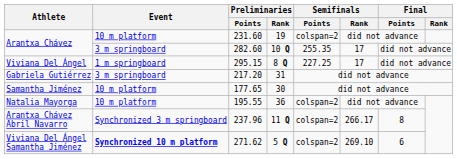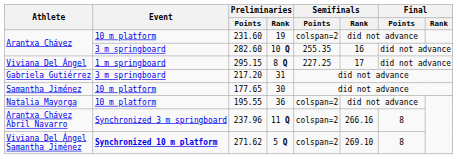 <table class="wikitable" style="text-align:center; font-size:90%">
 <tr>
 <th rowspan="2">Athlete</th>
 <th rowspan="2">Event</th>
 <th colspan="2">Preliminaries</th>
 <th colspan="2">Semifinals</th>
 <th colspan="2">Final</th>
 </tr>
 <tr style="font-size:95%">
 <th>Points</th>
 <th>Rank</th>
 <th>Points</th>
 <th>Rank</th>
 <th>Points</th>
 <th>Rank</th>
 </tr>
 <tr>
 <td align=left rowspan=2><a href='#'>Arantxa Chávez</a></td>
 <td align=left><a href='#'>10 m platform</a></td>
 <td>231.60</td>
 <td>19</td>
 <td>colspan=2 </td>
 <td colspan=2>did not advance</td>
 </tr>
 <tr>
 <td align=left><a href='#'>3 m springboard</a></td>
 <td>282.60</td>
 <td>10 <strong>Q</strong></td>
 <td>255.35</td>
-<td>17</td>
+<td>16</td>
 <td colspan=2>did not advance</td>
 </tr>
 <tr>
 <td align=left><a href='#'>Viviana Del Ángel</a></td>
 <td align=left><a href='#'>1 m springboard</a></td>
 <td>295.15</td>
 <td>8 <strong>Q</strong></td>
 <td>227.25</td>
 <td>17</td>
 <td colspan=2>did not advance</td>
 </tr>
 <tr>
 <td align=left><a href='#'>Gabriela Gutiérrez</a></td>
 <td align=left><a href='#'>3 m springboard</a></td>
 <td>217.20</td>
 <td>31</td>
 <td colspan=4>did not advance</td>
 </tr>
 <tr>
 <td align=left><a href='#'>Samantha Jiménez</a></td>
 <td align=left><a href='#'>10 m platform</a></td>
 <td>177.65</td>
 <td>30</td>
 <td colspan=4>did not advance</td>
 </tr>
 <tr>
 <td align=left><a href='#'>Natalia Mayorga</a></td>
 <td align=left><a href='#'>10 m platform</a></td>
 <td>195.55</td>
 <td>36</td>
 <td>colspan=2 </td>
 <td colspan=2>did not advance</td>
 </tr>
 <tr>
 <td align=left><a href='#'>Arantxa Chávez</a> <br><a href='#'>Abril Navarro</a></td>
 <td align=left><a href='#'>Synchronized 3 m springboard</a></td>
 <td>237.96</td>
 <td>11 <strong>Q</strong></td>
 <td>colspan=2 </td>
-<td>266.17</td>
+<td>266.16</td>
 <td>8</td>
 </tr>
 <tr>
 <td align=left><a href='#'>Viviana Del Ángel</a><br><a href='#'>Samantha Jiménez</a></td>
 <td align=left><strong><a href='#'>Synchronized 10 m platform</a></strong></td>
 <td>271.62</td>
 <td>5 <strong>Q</strong></td>
 <td>colspan=2 </td>
 <td>269.10</td>
-<td>6</td>
+<td>8</td>
 </tr>
 </table>
